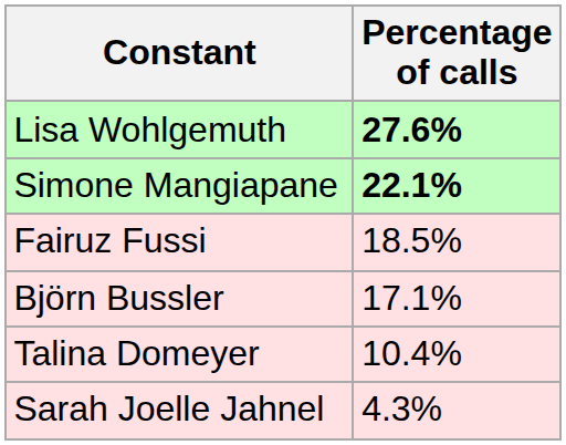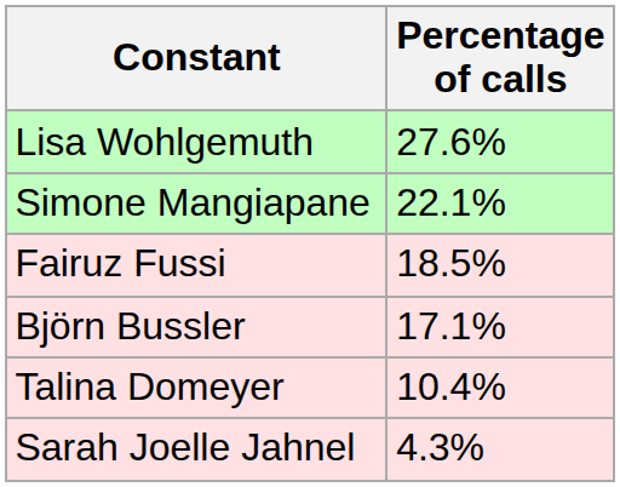 <table class="wikitable">
 <tr>
 <th width="150px">Constant</th>
 <th width="50px">Percentage of calls</th>
 </tr>
 <tr style="background:#c1ffc1;">
 <td>Lisa Wohlgemuth</td>
-<td><strong>27.6%</strong></td>
+<td>27.6%</td>
 </tr>
 <tr style="background:#c1ffc1;">
 <td>Simone Mangiapane</td>
-<td><strong>22.1%</strong></td>
+<td>22.1%</td>
 </tr>
 <tr bgcolor="#FFE1E4">
 <td>Fairuz Fussi</td>
 <td>18.5%</td>
 </tr>
 <tr bgcolor="#FFE1E4">
 <td>Björn Bussler</td>
 <td>17.1%</td>
 </tr>
 <tr bgcolor="#FFE1E4">
 <td>Talina Domeyer</td>
 <td>10.4%</td>
 </tr>
 <tr bgcolor="#FFE1E4">
 <td>Sarah Joelle Jahnel</td>
 <td>4.3%</td>
 </tr>
 <tr>
 </tr>
 </table>
